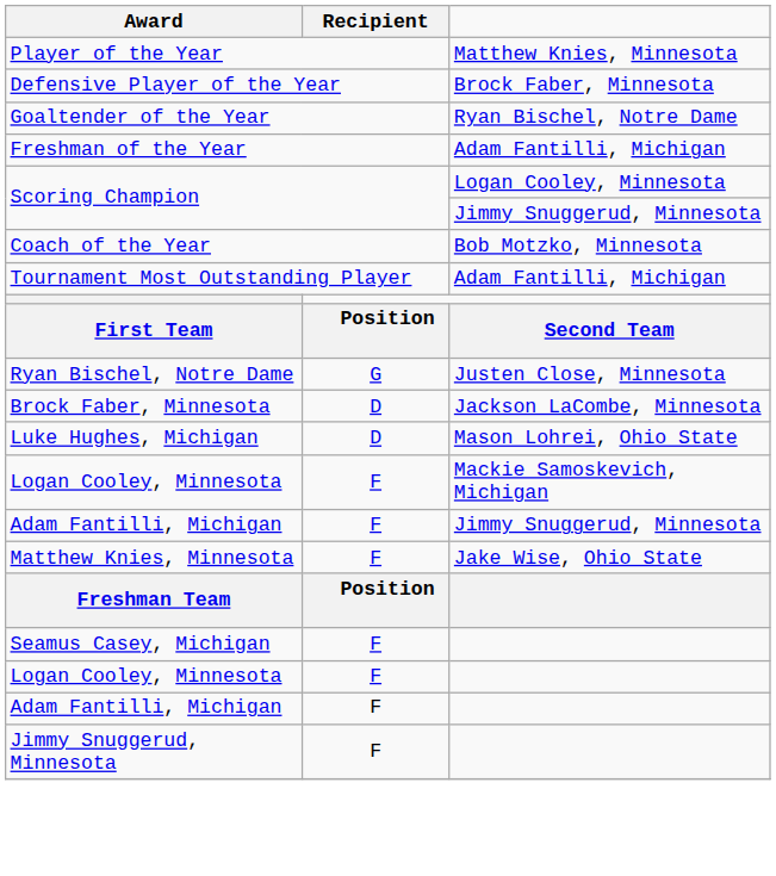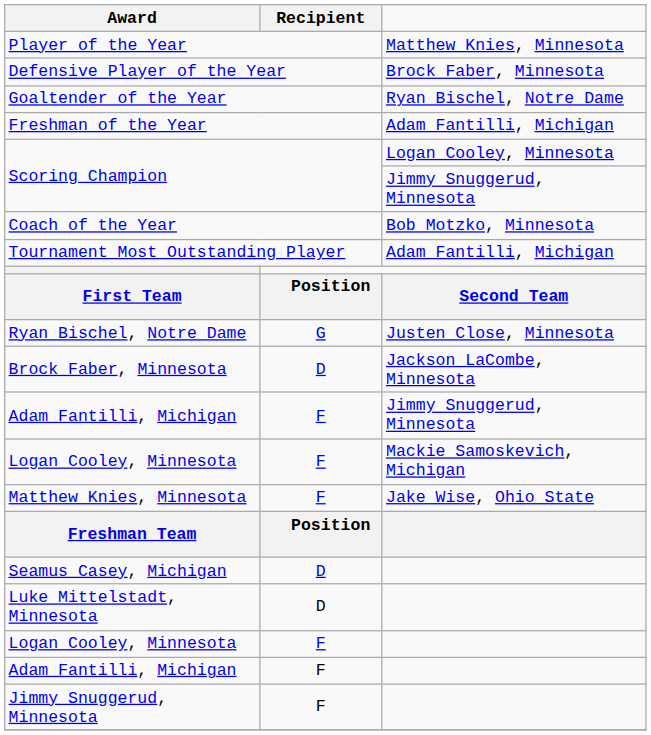 <table class="wikitable" width=40%>
 <tr>
 <th>Award</th>
 <th>Recipient </th>
 </tr>
 <tr>
 <td colspan=2><a href='#'>Player of the Year</a></td>
 <td><a href='#'>Matthew Knies</a>, <a href='#'>Minnesota</a></td>
 </tr>
 <tr>
 <td colspan=2><a href='#'>Defensive Player of the Year</a></td>
 <td><a href='#'>Brock Faber</a>, <a href='#'>Minnesota</a></td>
 </tr>
 <tr>
 <td colspan=2><a href='#'>Goaltender of the Year</a></td>
 <td><a href='#'>Ryan Bischel</a>, <a href='#'>Notre Dame</a></td>
 </tr>
 <tr>
 <td colspan=2><a href='#'>Freshman of the Year</a></td>
 <td><a href='#'>Adam Fantilli</a>, <a href='#'>Michigan</a></td>
 </tr>
 <tr>
 <td colspan=2, rowspan=2><a href='#'>Scoring Champion</a></td>
 <td><a href='#'>Logan Cooley</a>, <a href='#'>Minnesota</a></td>
 </tr>
 <tr>
 <td><a href='#'>Jimmy Snuggerud</a>, <a href='#'>Minnesota</a></td>
 </tr>
 <tr>
 <td colspan=2><a href='#'>Coach of the Year</a></td>
 <td><a href='#'>Bob Motzko</a>, <a href='#'>Minnesota</a></td>
 </tr>
 <tr>
 <td colspan=2><a href='#'>Tournament Most Outstanding Player</a></td>
 <td><a href='#'>Adam Fantilli</a>, <a href='#'>Michigan</a></td>
 </tr>
 <tr>
 <th><a href='#'></a></th>
 </tr>
 <tr>
 <th><a href='#'>First Team</a></th>
 <th>  Position  </th>
 <th><a href='#'>Second Team</a></th>
 </tr>
 <tr>
 <td><a href='#'>Ryan Bischel</a>, <a href='#'>Notre Dame</a></td>
 <td align=center><a href='#'>G</a></td>
 <td><a href='#'>Justen Close</a>, <a href='#'>Minnesota</a></td>
 </tr>
 <tr>
 <td><a href='#'>Brock Faber</a>, <a href='#'>Minnesota</a></td>
 <td align=center><a href='#'>D</a></td>
 <td><a href='#'>Jackson LaCombe</a>, <a href='#'>Minnesota</a></td>
 </tr>
 <tr>
-<td><a href='#'>Luke Hughes</a>, <a href='#'>Michigan</a></td>
-<td align=center><a href='#'>D</a></td>
-<td><a href='#'>Mason Lohrei</a>, <a href='#'>Ohio State</a></td>
+<td><a href='#'>Adam Fantilli</a>, <a href='#'>Michigan</a></td>
+<td align=center><a href='#'>F</a></td>
+<td><a href='#'>Jimmy Snuggerud</a>, <a href='#'>Minnesota</a></td>
 </tr>
 <tr>
 <td><a href='#'>Logan Cooley</a>, <a href='#'>Minnesota</a></td>
 <td align=center><a href='#'>F</a></td>
 <td><a href='#'>Mackie Samoskevich</a>, <a href='#'>Michigan</a></td>
-</tr>
-<tr>
-<td><a href='#'>Adam Fantilli</a>, <a href='#'>Michigan</a></td>
-<td align=center><a href='#'>F</a></td>
-<td><a href='#'>Jimmy Snuggerud</a>, <a href='#'>Minnesota</a></td>
 </tr>
 <tr>
 <td><a href='#'>Matthew Knies</a>, <a href='#'>Minnesota</a></td>
 <td align=center><a href='#'>F</a></td>
 <td><a href='#'>Jake Wise</a>, <a href='#'>Ohio State</a></td>
 </tr>
 <tr>
 <th><a href='#'>Freshman Team</a></th>
 <th>  Position  </th>
 <th></th>
 </tr>
 <tr>
 <td><a href='#'>Seamus Casey</a>, <a href='#'>Michigan</a></td>
-<td align=center><a href='#'>F</a></td>
+<td align=center><a href='#'>D</a></td>
+<td></td>
+</tr>
+<tr>
+<td><a href='#'>Luke Mittelstadt</a>, <a href='#'>Minnesota</a></td>
+<td align=center>D</td>
 <td></td>
 </tr>
 <tr>
 <td><a href='#'>Logan Cooley</a>, <a href='#'>Minnesota</a></td>
 <td align=center><a href='#'>F</a></td>
 <td></td>
 </tr>
 <tr>
 <td><a href='#'>Adam Fantilli</a>, <a href='#'>Michigan</a></td>
 <td align=center>F</td>
 <td></td>
 </tr>
 <tr>
 <td><a href='#'>Jimmy Snuggerud</a>, <a href='#'>Minnesota</a></td>
 <td align=center>F</td>
 <td></td>
 </tr>
 <tr>
 </tr>
 </table>
